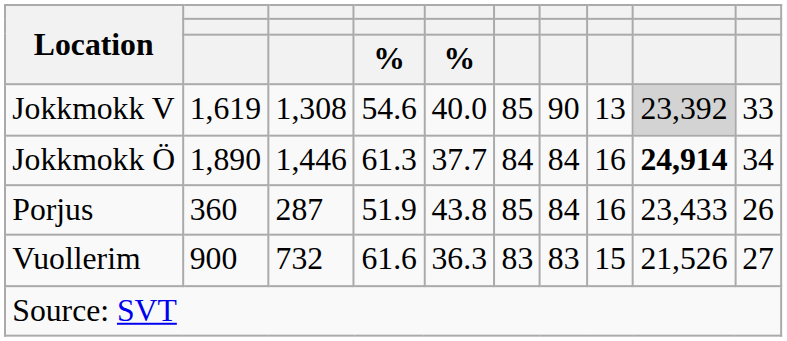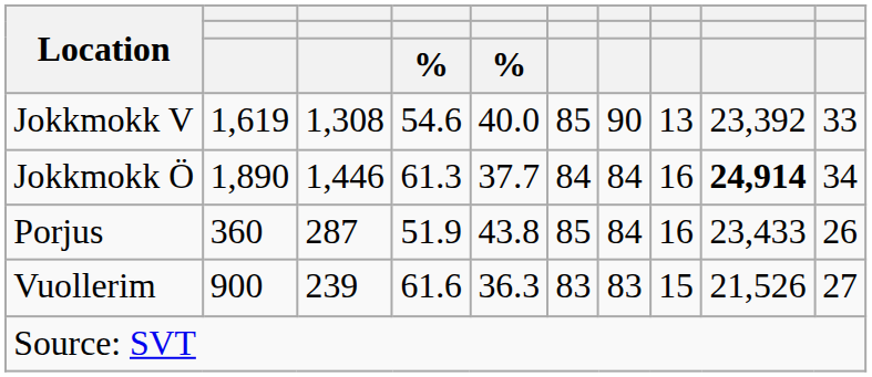 <table role="presentation" class="wikitable sortable mw-collapsible">
 <tr>
 <th rowspan="3">Location</th>
 <th></th>
 <th></th>
 <th></th>
 <th></th>
 <th></th>
 <th></th>
 <th></th>
 <th></th>
 <th></th>
 </tr>
 <tr>
 <th></th>
 <th></th>
 <th style="background:"></th>
 <th style="background:"></th>
 <th></th>
 <th></th>
 <th></th>
 <th></th>
 <th></th>
 </tr>
 <tr>
 <th data-sort-type="number"></th>
 <th data-sort-type="number"></th>
 <th data-sort-type="number">%</th>
 <th data-sort-type="number">%</th>
 <th data-sort-type="number"></th>
 <th data-sort-type="number"></th>
 <th data-sort-type="number"></th>
 <th data-sort-type="number"></th>
 <th data-sort-type="number"></th>
 </tr>
 <tr>
 <td align="left">Jokkmokk V</td>
 <td>1,619</td>
 <td>1,308</td>
 <td>54.6</td>
 <td>40.0</td>
 <td>85</td>
 <td>90</td>
 <td>13</td>
-<td style="background: lightgrey;">23,392</td>
+<td>23,392</td>
 <td>33</td>
 </tr>
 <tr>
 <td align="left">Jokkmokk Ö</td>
 <td>1,890</td>
 <td>1,446</td>
 <td>61.3</td>
 <td>37.7</td>
 <td>84</td>
 <td>84</td>
 <td>16</td>
 <td><strong>24,914</strong></td>
 <td>34</td>
 </tr>
 <tr>
 <td align="left">Porjus</td>
 <td>360</td>
 <td>287</td>
 <td>51.9</td>
 <td>43.8</td>
 <td>85</td>
 <td>84</td>
 <td>16</td>
 <td>23,433</td>
 <td>26</td>
 </tr>
 <tr>
 <td align="left">Vuollerim</td>
 <td>900</td>
-<td>732</td>
+<td>239</td>
 <td>61.6</td>
 <td>36.3</td>
 <td>83</td>
 <td>83</td>
 <td>15</td>
 <td>21,526</td>
 <td>27</td>
 </tr>
 <tr>
 <td colspan="10" align="left">Source: <a href='#'>SVT</a></td>
 </tr>
 </table>
